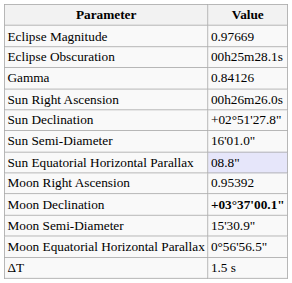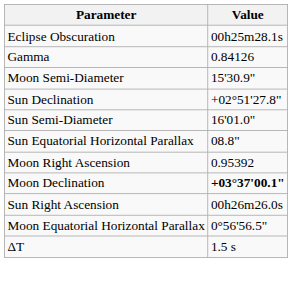 <table class="wikitable">
 <tr>
 <th>Parameter</th>
 <th>Value</th>
-</tr>
-<tr>
-<td>Eclipse Magnitude</td>
-<td>0.97669</td>
 </tr>
 <tr>
 <td>Eclipse Obscuration</td>
 <td>00h25m28.1s</td>
 </tr>
 <tr>
 <td>Gamma</td>
 <td>0.84126</td>
 </tr>
 <tr>
-<td>Sun Right Ascension</td>
-<td>00h26m26.0s</td>
+<td>Moon Semi-Diameter</td>
+<td>15'30.9"</td>
 </tr>
 <tr>
 <td>Sun Declination</td>
 <td>+02°51'27.8"</td>
 </tr>
 <tr>
 <td>Sun Semi-Diameter</td>
 <td>16'01.0"</td>
 </tr>
 <tr>
 <td>Sun Equatorial Horizontal Parallax</td>
-<td style="background: lavender;">08.8"</td>
+<td>08.8"</td>
 </tr>
 <tr>
 <td>Moon Right Ascension</td>
 <td>0.95392</td>
 </tr>
 <tr>
 <td>Moon Declination</td>
 <td><strong>+03°37'00.1"</strong></td>
 </tr>
 <tr>
-<td>Moon Semi-Diameter</td>
-<td>15'30.9"</td>
+<td>Sun Right Ascension</td>
+<td>00h26m26.0s</td>
 </tr>
 <tr>
 <td>Moon Equatorial Horizontal Parallax</td>
 <td>0°56'56.5"</td>
 </tr>
 <tr>
 <td>ΔT</td>
 <td>1.5 s</td>
 </tr>
 </table>
